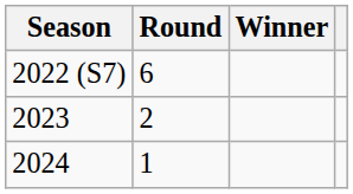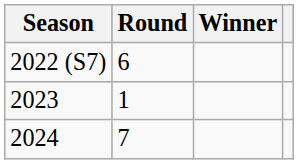 <table class="wikitable sortable">
 <tr>
 <th>Season</th>
 <th>Round</th>
 <th>Winner</th>
 <th class="unsortable"></th>
 </tr>
 <tr>
 <td>2022 (S7)</td>
 <td>6</td>
 <td> </td>
 <td></td>
 </tr>
 <tr>
 <td>2023</td>
-<td>2</td>
+<td>1</td>
 <td> </td>
 <td></td>
 </tr>
 <tr>
 <td>2024</td>
-<td>1</td>
+<td>7</td>
 <td> </td>
 <td></td>
 </tr>
 </table>
